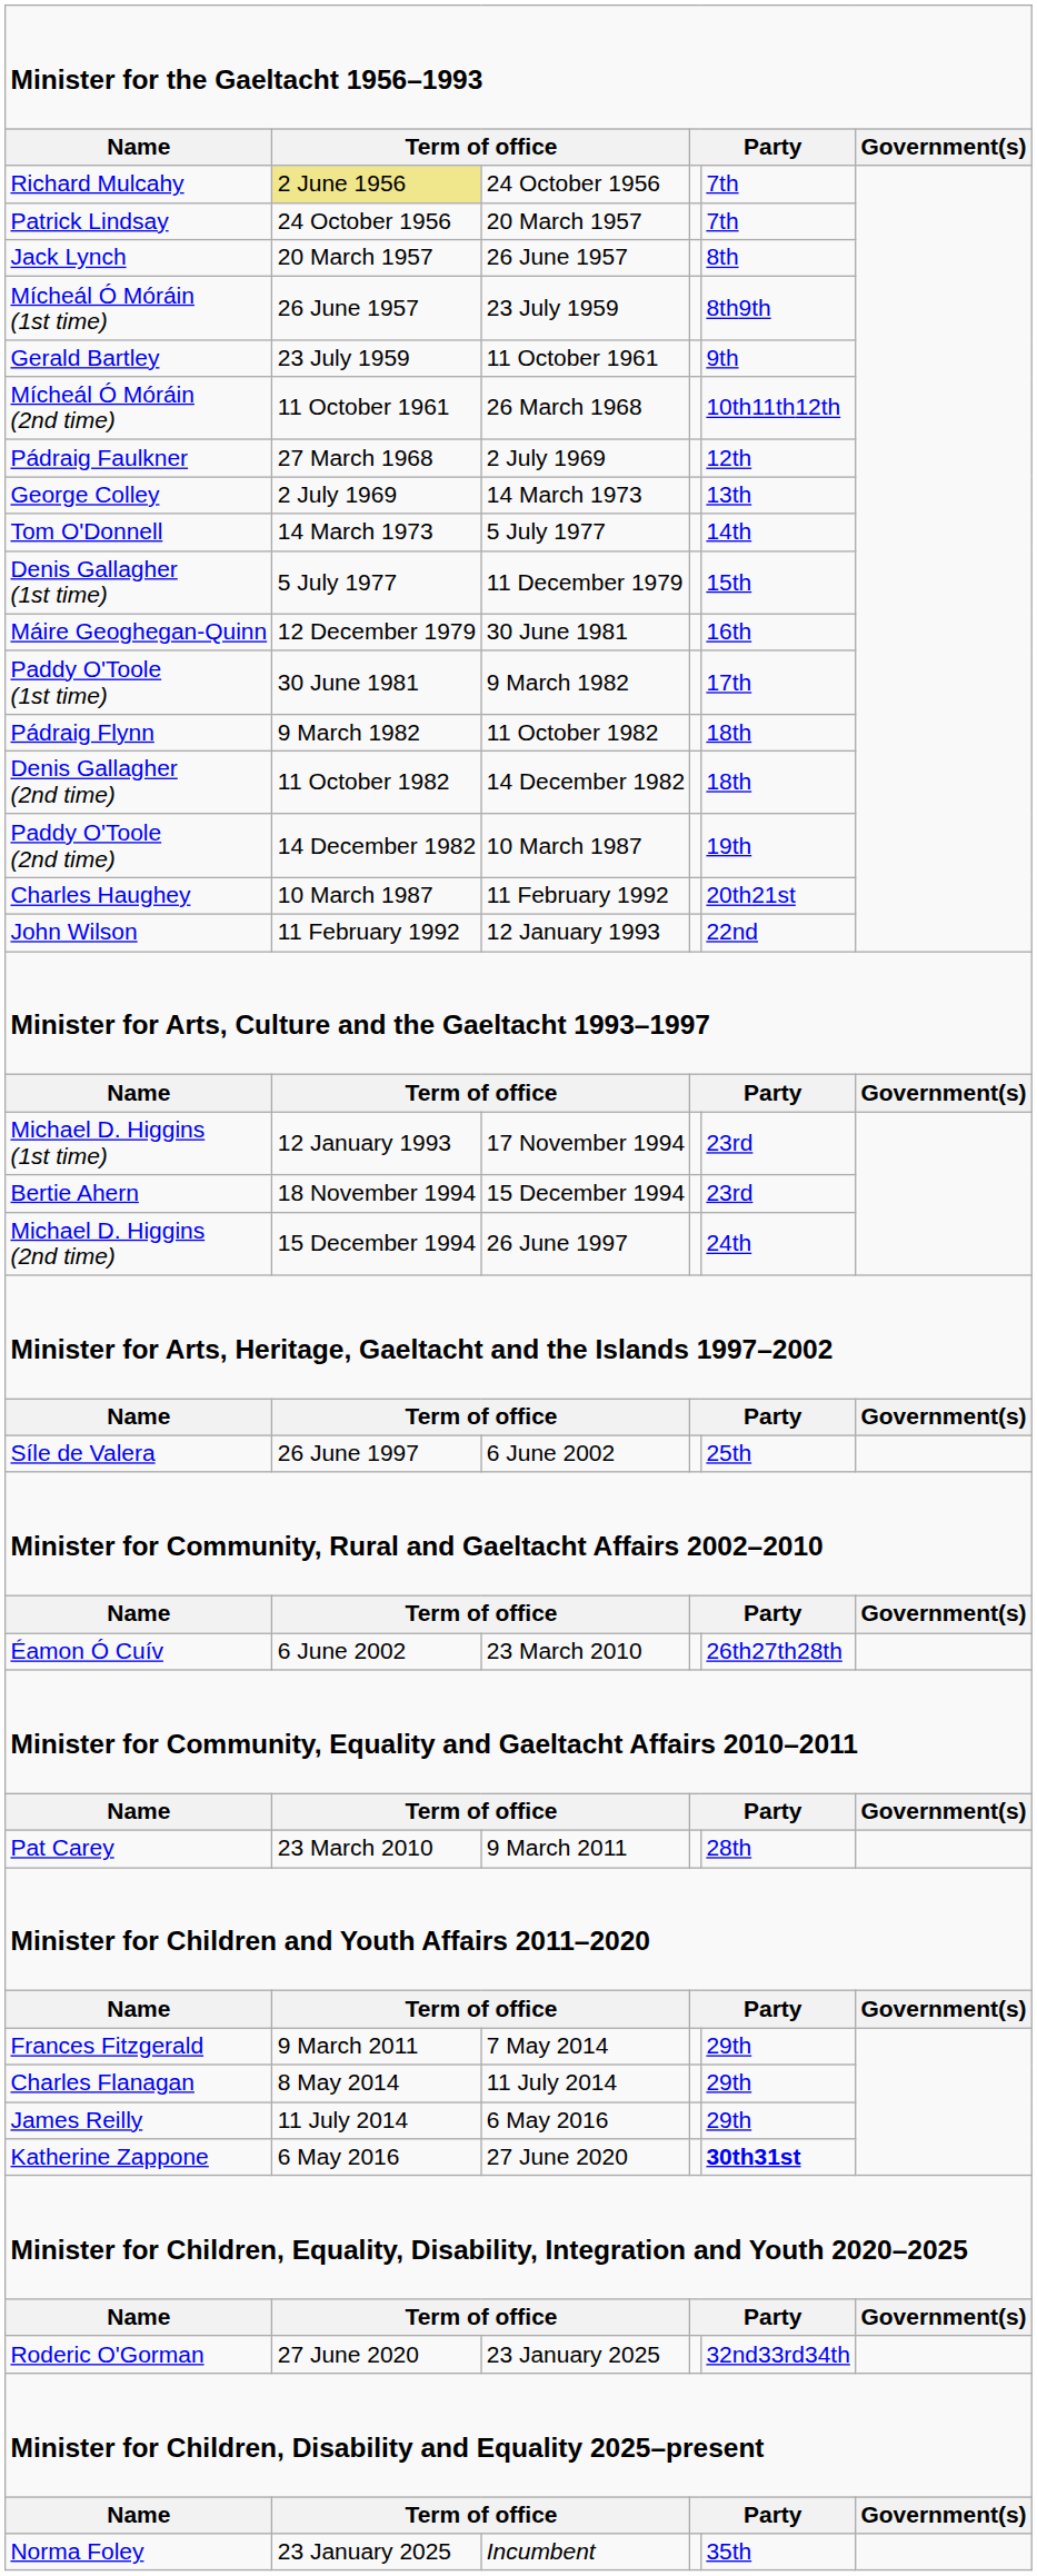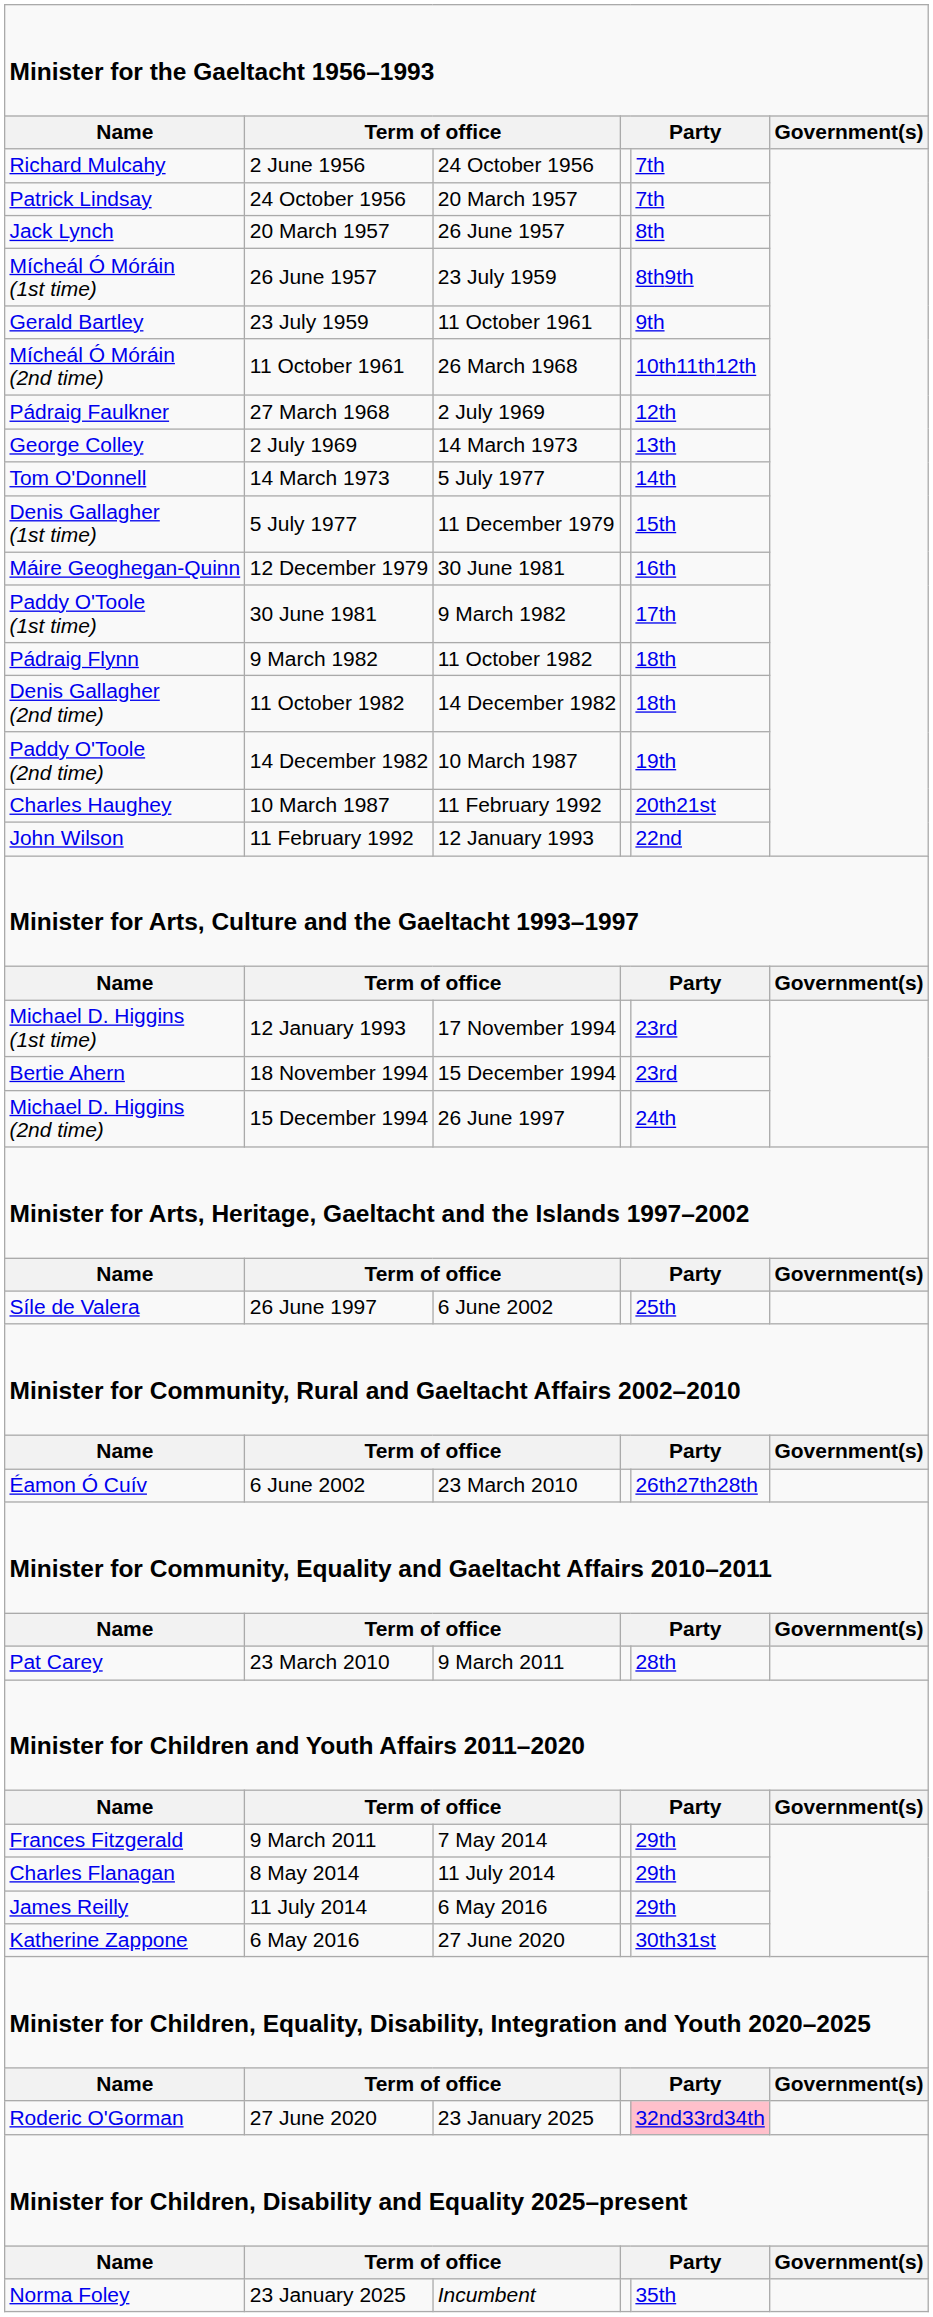 <table class="wikitable">
 <tr>
 <td colspan=6><br><h3>Minister for the Gaeltacht 1956–1993</h3></td>
 </tr>
 <tr>
 <th>Name</th>
 <th colspan="2">Term of office</th>
 <th colspan="2">Party</th>
 <th>Government(s)</th>
 </tr>
 <tr>
 <td><a href='#'>Richard Mulcahy</a></td>
-<td style="background: khaki;">2 June 1956</td>
+<td>2 June 1956</td>
 <td>24 October 1956</td>
 <td></td>
 <td><a href='#'>7th</a></td>
 </tr>
 <tr>
 <td><a href='#'>Patrick Lindsay</a></td>
 <td>24 October 1956</td>
 <td>20 March 1957</td>
 <td></td>
 <td><a href='#'>7th</a></td>
 </tr>
 <tr>
 <td><a href='#'>Jack Lynch</a></td>
 <td>20 March 1957</td>
 <td>26 June 1957</td>
 <td></td>
 <td><a href='#'>8th</a></td>
 </tr>
 <tr>
 <td><a href='#'>Mícheál Ó Móráin</a><br><em>(1st time)</em></td>
 <td>26 June 1957</td>
 <td>23 July 1959</td>
 <td></td>
 <td><a href='#'>8th</a><a href='#'>9th</a></td>
 </tr>
 <tr>
 <td><a href='#'>Gerald Bartley</a></td>
 <td>23 July 1959</td>
 <td>11 October 1961</td>
 <td></td>
 <td><a href='#'>9th</a></td>
 </tr>
 <tr>
 <td><a href='#'>Mícheál Ó Móráin</a><br><em>(2nd time)</em></td>
 <td>11 October 1961</td>
 <td>26 March 1968</td>
 <td></td>
 <td><a href='#'>10th</a><a href='#'>11th</a><a href='#'>12th</a></td>
 </tr>
 <tr>
 <td><a href='#'>Pádraig Faulkner</a></td>
 <td>27 March 1968</td>
 <td>2 July 1969</td>
 <td></td>
 <td><a href='#'>12th</a></td>
 </tr>
 <tr>
 <td><a href='#'>George Colley</a></td>
 <td>2 July 1969</td>
 <td>14 March 1973</td>
 <td></td>
 <td><a href='#'>13th</a></td>
 </tr>
 <tr>
 <td><a href='#'>Tom O'Donnell</a></td>
 <td>14 March 1973</td>
 <td>5 July 1977</td>
 <td></td>
 <td><a href='#'>14th</a></td>
 </tr>
 <tr>
 <td><a href='#'>Denis Gallagher</a><br><em>(1st time)</em></td>
 <td>5 July 1977</td>
 <td>11 December 1979</td>
 <td></td>
 <td><a href='#'>15th</a></td>
 </tr>
 <tr>
 <td><a href='#'>Máire Geoghegan-Quinn</a></td>
 <td>12 December 1979</td>
 <td>30 June 1981</td>
 <td></td>
 <td><a href='#'>16th</a></td>
 </tr>
 <tr>
 <td><a href='#'>Paddy O'Toole</a><br><em>(1st time)</em></td>
 <td>30 June 1981</td>
 <td>9 March 1982</td>
 <td></td>
 <td><a href='#'>17th</a></td>
 </tr>
 <tr>
 <td><a href='#'>Pádraig Flynn</a></td>
 <td>9 March 1982</td>
 <td>11 October 1982</td>
 <td></td>
 <td><a href='#'>18th</a></td>
 </tr>
 <tr>
 <td><a href='#'>Denis Gallagher</a><br><em>(2nd time)</em></td>
 <td>11 October 1982</td>
 <td>14 December 1982</td>
 <td></td>
 <td><a href='#'>18th</a></td>
 </tr>
 <tr>
 <td><a href='#'>Paddy O'Toole</a><br><em>(2nd time)</em></td>
 <td>14 December 1982</td>
 <td>10 March 1987</td>
 <td></td>
 <td><a href='#'>19th</a></td>
 </tr>
 <tr>
 <td><a href='#'>Charles Haughey</a></td>
 <td>10 March 1987</td>
 <td>11 February 1992</td>
 <td></td>
 <td><a href='#'>20th</a><a href='#'>21st</a></td>
 </tr>
 <tr>
 <td><a href='#'>John Wilson</a></td>
 <td>11 February 1992</td>
 <td>12 January 1993</td>
 <td></td>
 <td><a href='#'>22nd</a></td>
 </tr>
 <tr>
 <td colspan=6><br><h3>Minister for Arts, Culture and the Gaeltacht 1993–1997</h3></td>
 </tr>
 <tr>
 <th>Name</th>
 <th colspan="2">Term of office</th>
 <th colspan="2">Party</th>
 <th>Government(s)</th>
 </tr>
 <tr>
 <td><a href='#'>Michael D. Higgins</a><br><em>(1st time)</em></td>
 <td>12 January 1993</td>
 <td>17 November 1994</td>
 <td></td>
 <td><a href='#'>23rd</a></td>
 </tr>
 <tr>
 <td><a href='#'>Bertie Ahern</a></td>
 <td>18 November 1994</td>
 <td>15 December 1994</td>
 <td></td>
 <td><a href='#'>23rd</a></td>
 </tr>
 <tr>
 <td><a href='#'>Michael D. Higgins</a><br><em>(2nd time)</em></td>
 <td>15 December 1994</td>
 <td>26 June 1997</td>
 <td></td>
 <td><a href='#'>24th</a></td>
 </tr>
 <tr>
 <td colspan=6><br><h3>Minister for Arts, Heritage, Gaeltacht and the Islands 1997–2002</h3></td>
 </tr>
 <tr>
 <th>Name</th>
 <th colspan="2">Term of office</th>
 <th colspan="2">Party</th>
 <th>Government(s)</th>
 </tr>
 <tr>
 <td><a href='#'>Síle de Valera</a></td>
 <td>26 June 1997</td>
 <td>6 June 2002</td>
 <td></td>
 <td><a href='#'>25th</a></td>
 </tr>
 <tr>
 <td colspan=6><br><h3>Minister for Community, Rural and Gaeltacht Affairs 2002–2010</h3></td>
 </tr>
 <tr>
 <th>Name</th>
 <th colspan="2">Term of office</th>
 <th colspan="2">Party</th>
 <th>Government(s)</th>
 </tr>
 <tr>
 <td><a href='#'>Éamon Ó Cuív</a></td>
 <td>6 June 2002</td>
 <td>23 March 2010</td>
 <td></td>
 <td><a href='#'>26th</a><a href='#'>27th</a><a href='#'>28th</a></td>
 </tr>
 <tr>
 <td colspan=6><br><h3>Minister for Community, Equality and Gaeltacht Affairs 2010–2011</h3></td>
 </tr>
 <tr>
 <th>Name</th>
 <th colspan=2>Term of office</th>
 <th colspan=2>Party</th>
 <th>Government(s)</th>
 </tr>
 <tr>
 <td><a href='#'>Pat Carey</a></td>
 <td>23 March 2010</td>
 <td>9 March 2011</td>
 <td></td>
 <td><a href='#'>28th</a></td>
 </tr>
 <tr>
 <td colspan=6><br><h3>Minister for Children and Youth Affairs 2011–2020</h3></td>
 </tr>
 <tr>
 <th>Name</th>
 <th colspan="2">Term of office</th>
 <th colspan="2">Party</th>
 <th>Government(s)</th>
 </tr>
 <tr>
 <td><a href='#'>Frances Fitzgerald</a></td>
 <td>9 March 2011</td>
 <td>7 May 2014</td>
 <td></td>
 <td><a href='#'>29th</a></td>
 </tr>
 <tr>
 <td><a href='#'>Charles Flanagan</a></td>
 <td>8 May 2014</td>
 <td>11 July 2014</td>
 <td></td>
 <td><a href='#'>29th</a></td>
 </tr>
 <tr>
 <td><a href='#'>James Reilly</a></td>
 <td>11 July 2014</td>
 <td>6 May 2016</td>
 <td></td>
 <td><a href='#'>29th</a></td>
 </tr>
 <tr>
 <td><a href='#'>Katherine Zappone</a></td>
 <td>6 May 2016</td>
 <td>27 June 2020</td>
 <td></td>
-<td><strong><a href='#'>30th</a><a href='#'>31st</a></strong></td>
+<td><a href='#'>30th</a><a href='#'>31st</a></td>
 </tr>
 <tr>
 <td colspan=6><br><h3>Minister for Children, Equality, Disability, Integration and Youth 2020–2025</h3></td>
 </tr>
 <tr>
 <th>Name</th>
 <th colspan="2">Term of office</th>
 <th colspan="2">Party</th>
 <th>Government(s)</th>
 </tr>
 <tr>
 <td><a href='#'>Roderic O'Gorman</a></td>
 <td>27 June 2020</td>
 <td>23 January 2025</td>
 <td></td>
-<td><a href='#'>32nd</a><a href='#'>33rd</a><a href='#'>34th</a></td>
+<td style="background: pink;"><a href='#'>32nd</a><a href='#'>33rd</a><a href='#'>34th</a></td>
 </tr>
 <tr>
 <td colspan=6><br><h3>Minister for Children, Disability and Equality 2025–present</h3></td>
 </tr>
 <tr>
 <th>Name</th>
 <th colspan="2">Term of office</th>
 <th colspan="2">Party</th>
 <th>Government(s)</th>
 </tr>
 <tr>
 <td><a href='#'>Norma Foley</a></td>
 <td>23 January 2025</td>
 <td><em>Incumbent</em></td>
 <td></td>
 <td><a href='#'>35th</a></td>
 </tr>
 </table>
